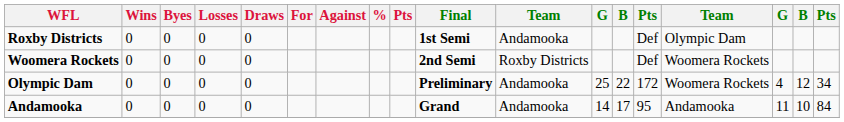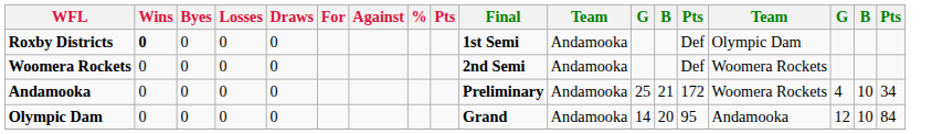 <table class="wikitable">
 <tr>
 <th style="color:crimson">WFL</th>
 <th style="color:crimson">Wins</th>
 <th style="color:crimson">Byes</th>
 <th style="color:crimson">Losses</th>
 <th style="color:crimson">Draws</th>
 <th style="color:crimson">For</th>
 <th style="color:crimson">Against</th>
 <th style="color:crimson">%</th>
 <th style="color:crimson">Pts</th>
 <th style="color:green">Final</th>
 <th style="color:green">Team</th>
 <th style="color:green">G</th>
 <th style="color:green">B</th>
 <th style="color:green">Pts</th>
 <th style="color:green">Team</th>
 <th style="color:green">G</th>
 <th style="color:green">B</th>
 <th style="color:green">Pts</th>
 </tr>
 <tr>
 <td><strong>	Roxby Districts	</strong></td>
-<td>0</td>
+<td><strong>0</strong></td>
 <td>0</td>
 <td>0</td>
 <td>0</td>
 <td></td>
 <td></td>
 <td></td>
 <td></td>
 <td><strong>1st Semi</strong></td>
 <td>Andamooka</td>
 <td></td>
 <td></td>
 <td>Def</td>
 <td>Olympic Dam</td>
 <td></td>
 <td></td>
 <td></td>
 </tr>
 <tr>
 <td><strong>	Woomera Rockets	</strong></td>
 <td>0</td>
 <td>0</td>
 <td>0</td>
 <td>0</td>
 <td></td>
 <td></td>
 <td></td>
 <td></td>
 <td><strong>2nd Semi</strong></td>
-<td>Roxby Districts</td>
+<td>Andamooka</td>
 <td></td>
 <td></td>
 <td>Def</td>
 <td>Woomera Rockets</td>
 <td></td>
 <td></td>
 <td></td>
+</tr>
+<tr>
+<td><strong>	Andamooka	</strong></td>
+<td>0</td>
+<td>0</td>
+<td>0</td>
+<td>0</td>
+<td></td>
+<td></td>
+<td></td>
+<td></td>
+<td><strong>Preliminary</strong></td>
+<td>Andamooka</td>
+<td>25</td>
+<td>21</td>
+<td>172</td>
+<td>Woomera Rockets</td>
+<td>4</td>
+<td>10</td>
+<td>34</td>
 </tr>
 <tr>
 <td><strong>	Olympic Dam	</strong></td>
 <td>0</td>
 <td>0</td>
 <td>0</td>
 <td>0</td>
 <td></td>
 <td></td>
 <td></td>
 <td></td>
-<td><strong>Preliminary</strong></td>
-<td>Andamooka</td>
-<td>25</td>
-<td>22</td>
-<td>172</td>
-<td>Woomera Rockets</td>
-<td>4</td>
-<td>12</td>
-<td>34</td>
-</tr>
-<tr>
-<td><strong>	Andamooka	</strong></td>
-<td>0</td>
-<td>0</td>
-<td>0</td>
-<td>0</td>
-<td></td>
-<td></td>
-<td></td>
-<td></td>
 <td><strong>Grand</strong></td>
 <td>Andamooka</td>
 <td>14</td>
-<td>17</td>
+<td>20</td>
 <td>95</td>
 <td>Andamooka</td>
-<td>11</td>
+<td>12</td>
 <td>10</td>
 <td>84</td>
 </tr>
 <tr>
 </tr>
 </table>
